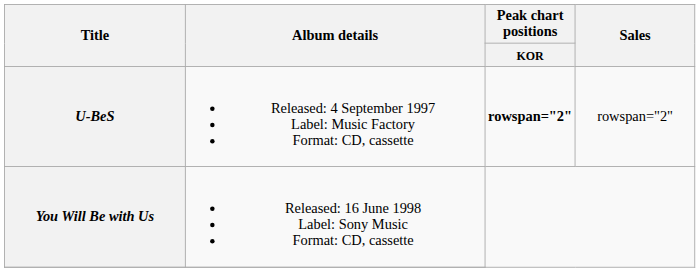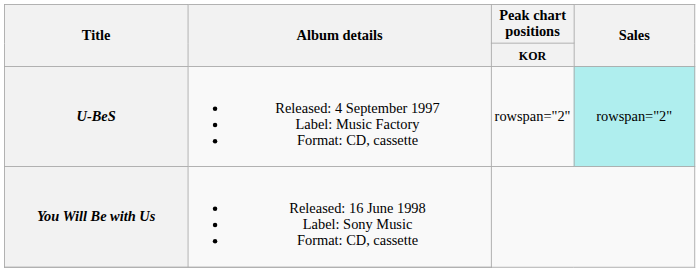 <table class="wikitable plainrowheaders" style="text-align:center; width:48em;">
 <tr>
 <th rowspan="2" scope="col">Title</th>
 <th rowspan="2" scope="col">Album details</th>
 <th colspan="1" scope="col" style="width:5em;">Peak chart positions</th>
 <th rowspan="2" scope="col">Sales</th>
 </tr>
 <tr>
 <th><small>KOR</small></th>
 </tr>
 <tr>
 <th scope="row"><em>U-BeS</em></th>
 <td><br><ul><li>Released: 4 September 1997</li><li>Label: Music Factory</li><li>Format: CD, cassette</li></ul></td>
-<td><strong>rowspan="2" </strong></td>
 <td>rowspan="2" </td>
+<td style="background: paleturquoise;">rowspan="2" </td>
 </tr>
 <tr>
 <th scope="row"><em>You Will Be with Us</em></th>
 <td><br><ul><li>Released: 16 June 1998</li><li>Label: Sony Music</li><li>Format: CD, cassette</li></ul></td>
 </tr>
 <tr>
 </tr>
 </table>
